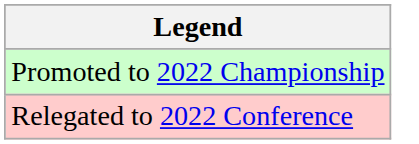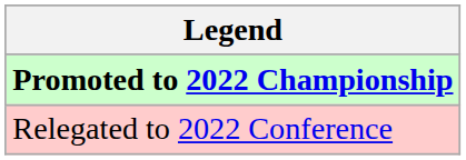 <table class="wikitable">
 <tr>
 <th>Legend</th>
 </tr>
 <tr bgcolor="ccffcc">
-<td>Promoted to <a href='#'>2022 Championship</a></td>
+<td><strong>Promoted to <a href='#'>2022 Championship</a></strong></td>
 </tr>
 <tr bgcolor="ffcccc">
 <td>Relegated to <a href='#'>2022 Conference</a></td>
 </tr>
 </table>
